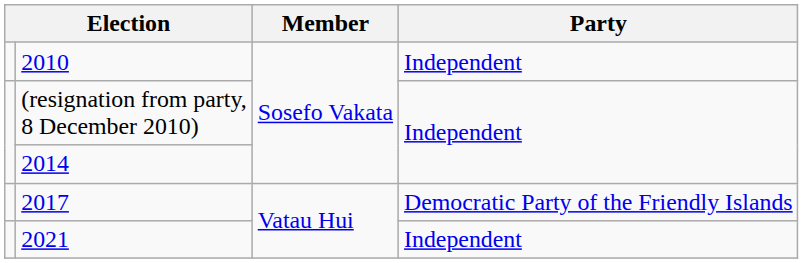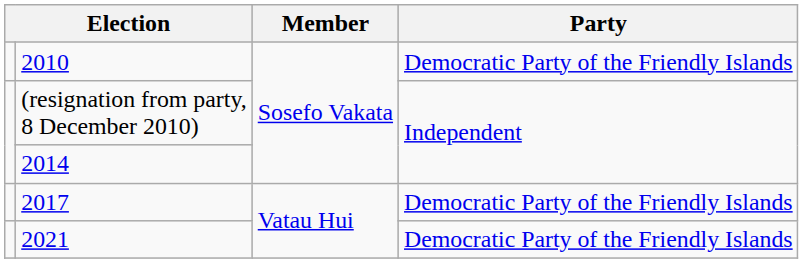 <table class="wikitable">
 <tr>
 <th colspan="2">Election</th>
 <th>Member</th>
 <th>Party</th>
 </tr>
 <tr>
 <td style="background-color: "></td>
 <td><a href='#'>2010</a></td>
 <td rowspan = "3"><a href='#'>Sosefo Vakata</a></td>
-<td><a href='#'>Independent</a></td>
+<td><a href='#'>Democratic Party of the Friendly Islands</a></td>
 </tr>
 <tr>
 <td rowspan="2" style="background-color: "></td>
 <td>(resignation from party,<br>8 December 2010)</td>
 <td rowspan = "2"><a href='#'>Independent</a></td>
 </tr>
 <tr>
 <td><a href='#'>2014</a></td>
 </tr>
 <tr>
 <td style="background-color: "></td>
 <td><a href='#'>2017</a></td>
 <td rowspan="2"><a href='#'>Vatau Hui</a></td>
 <td><a href='#'>Democratic Party of the Friendly Islands</a></td>
 </tr>
 <tr>
 <td style="background-color: "></td>
 <td><a href='#'>2021</a></td>
-<td><a href='#'>Independent</a></td>
+<td><a href='#'>Democratic Party of the Friendly Islands</a></td>
 </tr>
 </table>
